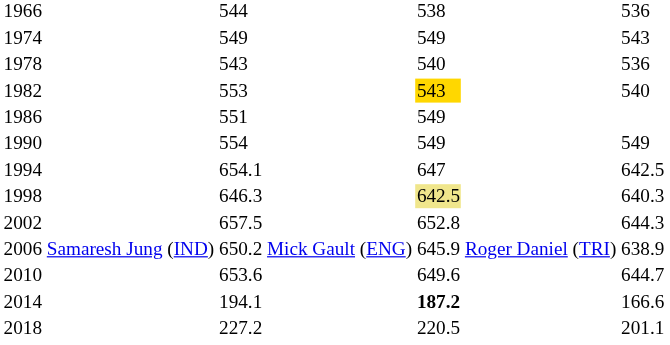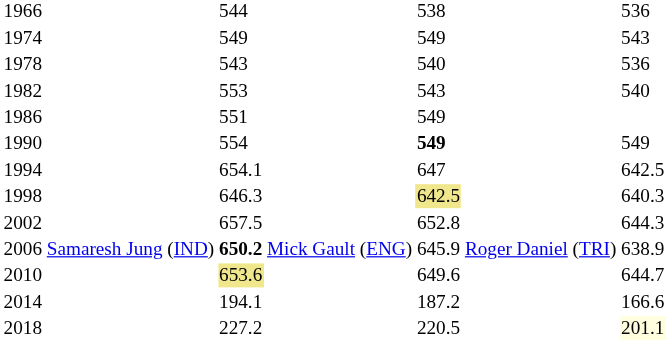 <table>
 <tr>
 <td>1966</td>
 <td></td>
 <td>544</td>
 <td></td>
 <td>538</td>
 <td></td>
 <td>536</td>
 </tr>
 <tr>
 <td>1974</td>
 <td></td>
 <td>549</td>
 <td></td>
 <td>549</td>
 <td></td>
 <td>543</td>
 </tr>
 <tr>
 <td>1978</td>
 <td></td>
 <td>543</td>
 <td></td>
 <td>540</td>
 <td></td>
 <td>536</td>
 </tr>
 <tr>
 <td>1982</td>
 <td></td>
 <td>553</td>
 <td></td>
-<td style="background: gold;">543</td>
+<td>543</td>
 <td></td>
 <td>540</td>
 </tr>
 <tr>
 <td>1986</td>
 <td></td>
 <td>551</td>
 <td><br></td>
 <td>549</td>
 <td></td>
 <td></td>
 </tr>
 <tr>
 <td>1990</td>
 <td></td>
 <td>554</td>
 <td></td>
-<td>549</td>
+<td><strong>549</strong></td>
 <td></td>
 <td>549</td>
 </tr>
 <tr>
 <td>1994</td>
 <td></td>
 <td>654.1</td>
 <td></td>
 <td>647</td>
 <td></td>
 <td>642.5</td>
 </tr>
 <tr>
 <td>1998</td>
 <td></td>
 <td>646.3</td>
 <td></td>
 <td style="background: khaki;">642.5</td>
 <td></td>
 <td>640.3</td>
 </tr>
 <tr>
 <td>2002</td>
 <td></td>
 <td>657.5</td>
 <td></td>
 <td>652.8</td>
 <td></td>
 <td>644.3</td>
 </tr>
 <tr>
 <td>2006</td>
 <td> <a href='#'>Samaresh Jung</a> (<a href='#'>IND</a>)</td>
-<td>650.2</td>
+<td><strong>650.2</strong></td>
 <td> <a href='#'>Mick Gault</a> (<a href='#'>ENG</a>)</td>
 <td>645.9</td>
 <td> <a href='#'>Roger Daniel</a> (<a href='#'>TRI</a>)</td>
 <td>638.9</td>
 </tr>
 <tr>
 <td>2010<br></td>
 <td></td>
-<td>653.6</td>
+<td style="background: khaki;">653.6</td>
 <td></td>
 <td>649.6</td>
 <td></td>
 <td>644.7</td>
 </tr>
 <tr>
 <td>2014<br></td>
 <td></td>
 <td>194.1</td>
 <td></td>
-<td><strong>187.2</strong></td>
+<td>187.2</td>
 <td></td>
 <td>166.6</td>
 </tr>
 <tr>
 <td>2018<br></td>
 <td></td>
 <td>227.2</td>
 <td></td>
 <td>220.5</td>
 <td></td>
-<td>201.1</td>
+<td style="background: lightyellow;">201.1</td>
 </tr>
 </table>
